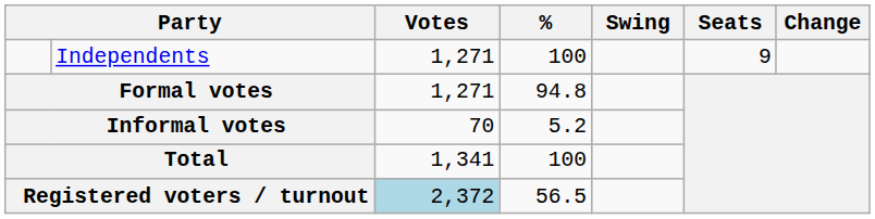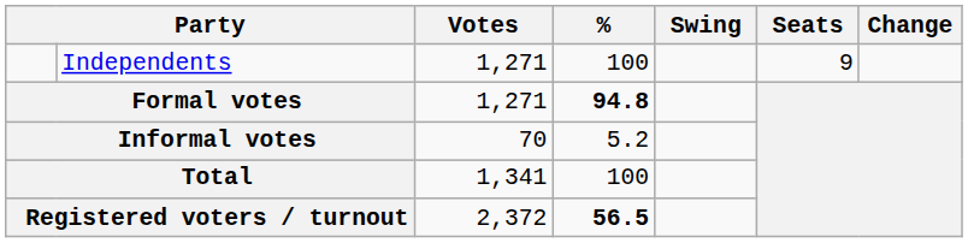 <table class="wikitable" style="text-align:right; margin-bottom:0">
 <tr>
 <th style="width:10px" colspan=3>Party</th>
 <th style="width:70px;">Votes</th>
 <th style="width:50px;">%</th>
 <th style="width:50px;">Swing</th>
 <th style="width:50px;">Seats</th>
 <th style="width:50px;">Change</th>
 </tr>
 <tr>
 <td> </td>
 <td style="text-align:left;" colspan="2"><a href='#'>Independents</a></td>
 <td>1,271</td>
 <td>100</td>
 <td></td>
 <td>9</td>
 <td></td>
 </tr>
 <tr>
 <th colspan="3" rowspan="1"> Formal votes</th>
 <td>1,271</td>
-<td>94.8</td>
+<td><strong>94.8</strong></td>
 <td></td>
 <th rowspan=4 colspan=2></th>
 </tr>
 <tr>
 <th colspan="3" rowspan="1"> Informal votes</th>
 <td>70</td>
 <td>5.2</td>
 <td></td>
 </tr>
 <tr>
 <th colspan="3" rowspan="1"> <strong>Total </strong></th>
 <td>1,341</td>
 <td>100</td>
 <td></td>
 </tr>
 <tr>
 <th colspan="3" rowspan="1"> Registered voters / turnout</th>
-<td style="background: lightblue;">2,372</td>
-<td>56.5</td>
+<td>2,372</td>
+<td><strong>56.5</strong></td>
 <td></td>
 </tr>
 </table>
